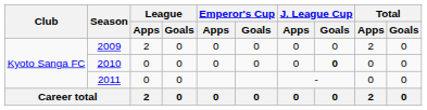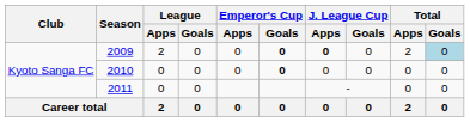 <table class="wikitable" style="font-size:90%; text-align:center;">
 <tr>
 <th rowspan="2">Club</th>
 <th rowspan="2">Season</th>
 <th colspan="2">League</th>
 <th colspan="2"><a href='#'>Emperor's Cup</a></th>
 <th colspan="2"><a href='#'>J. League Cup</a></th>
 <th colspan="2">Total</th>
 </tr>
 <tr>
 <th>Apps</th>
 <th>Goals</th>
 <th>Apps</th>
 <th>Goals</th>
 <th>Apps</th>
 <th>Goals</th>
 <th>Apps</th>
 <th>Goals</th>
 </tr>
 <tr>
 <td rowspan="3"><a href='#'>Kyoto Sanga FC</a></td>
 <td><a href='#'>2009</a></td>
 <td>2</td>
 <td>0</td>
 <td>0</td>
-<td>0</td>
-<td>0</td>
+<td><strong>0</strong></td>
+<td><strong>0</strong></td>
 <td>0</td>
 <td>2</td>
-<td>0</td>
+<td style="background: lightblue;">0</td>
 </tr>
 <tr>
 <td><a href='#'>2010</a></td>
 <td>0</td>
 <td>0</td>
 <td>0</td>
+<td><strong>0</strong></td>
 <td>0</td>
 <td>0</td>
-<td><strong>0</strong></td>
 <td>0</td>
 <td>0</td>
 </tr>
 <tr>
 <td><a href='#'>2011</a></td>
 <td>0</td>
 <td>0</td>
 <td></td>
 <td></td>
 <td colspan="2">-</td>
 <td>0</td>
 <td>0</td>
 </tr>
 <tr>
 <th colspan="2">Career total</th>
 <th>2</th>
 <th>0</th>
 <th>0</th>
 <th>0</th>
 <th>0</th>
 <th>0</th>
 <th>2</th>
 <th>0</th>
 </tr>
 </table>
